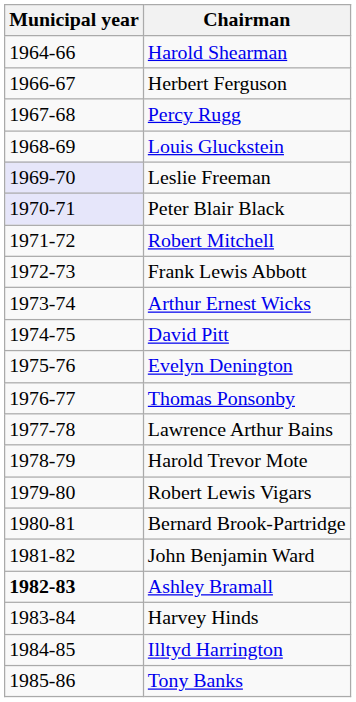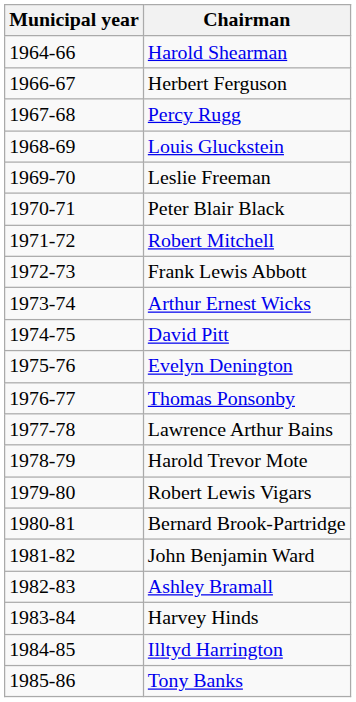 <table class="wikitable">
 <tr>
 <th>Municipal year</th>
 <th>Chairman</th>
 </tr>
 <tr>
 <td>1964-66</td>
 <td><a href='#'>Harold Shearman</a></td>
 </tr>
 <tr>
 <td>1966-67</td>
 <td>Herbert Ferguson</td>
 </tr>
 <tr>
 <td>1967-68</td>
 <td><a href='#'>Percy Rugg</a></td>
 </tr>
 <tr>
 <td>1968-69</td>
 <td><a href='#'>Louis Gluckstein</a></td>
 </tr>
 <tr>
-<td style="background: lavender;">1969-70</td>
+<td>1969-70</td>
 <td>Leslie Freeman</td>
 </tr>
 <tr>
-<td style="background: lavender;">1970-71</td>
+<td>1970-71</td>
 <td>Peter Blair Black</td>
 </tr>
 <tr>
 <td>1971-72</td>
 <td><a href='#'>Robert Mitchell</a></td>
 </tr>
 <tr>
 <td>1972-73</td>
 <td>Frank Lewis Abbott</td>
 </tr>
 <tr>
 <td>1973-74</td>
 <td><a href='#'>Arthur Ernest Wicks</a></td>
 </tr>
 <tr>
 <td>1974-75</td>
 <td><a href='#'>David Pitt</a></td>
 </tr>
 <tr>
 <td>1975-76</td>
 <td><a href='#'>Evelyn Denington</a></td>
 </tr>
 <tr>
 <td>1976-77</td>
 <td><a href='#'>Thomas Ponsonby</a></td>
 </tr>
 <tr>
 <td>1977-78</td>
 <td>Lawrence Arthur Bains</td>
 </tr>
 <tr>
 <td>1978-79</td>
 <td>Harold Trevor Mote</td>
 </tr>
 <tr>
 <td>1979-80</td>
 <td>Robert Lewis Vigars</td>
 </tr>
 <tr>
 <td>1980-81</td>
 <td>Bernard Brook-Partridge</td>
 </tr>
 <tr>
 <td>1981-82</td>
 <td>John Benjamin Ward</td>
 </tr>
 <tr>
-<td><strong>1982-83</strong></td>
+<td>1982-83</td>
 <td><a href='#'>Ashley Bramall</a></td>
 </tr>
 <tr>
 <td>1983-84</td>
 <td>Harvey Hinds</td>
 </tr>
 <tr>
 <td>1984-85</td>
 <td><a href='#'>Illtyd Harrington</a></td>
 </tr>
 <tr>
 <td>1985-86</td>
 <td><a href='#'>Tony Banks</a></td>
 </tr>
 </table>
